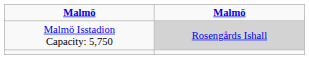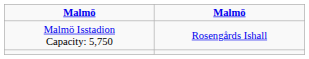 <table class="wikitable" style="text-align:center;">
 <tr>
 <td width=220px><strong><a href='#'>Malmö</a></strong></td>
 <td width=220px><strong><a href='#'>Malmö</a></strong></td>
 </tr>
 <tr>
 <td><a href='#'>Malmö Isstadion</a><br>Capacity: 5,750</td>
-<td style="background: lightgrey;"><a href='#'>Rosengårds Ishall</a></td>
+<td><a href='#'>Rosengårds Ishall</a></td>
 </tr>
 <tr>
 <td></td>
 <td></td>
 </tr>
 </table>
